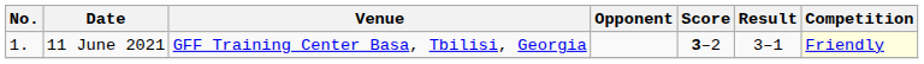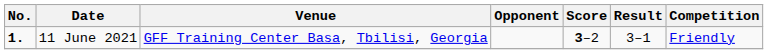 <table class="wikitable">
 <tr>
 <th>No.</th>
 <th>Date</th>
 <th>Venue</th>
 <th>Opponent</th>
 <th>Score</th>
 <th>Result</th>
 <th>Competition</th>
 </tr>
 <tr>
-<td>1.</td>
+<td><strong>1.</strong></td>
 <td>11 June 2021</td>
 <td><a href='#'>GFF Training Center Basa</a>, <a href='#'>Tbilisi</a>, <a href='#'>Georgia</a></td>
 <td></td>
 <td align=center><strong>3</strong>–2</td>
 <td align=center>3–1</td>
-<td style="background: lightyellow;"><a href='#'>Friendly</a></td>
+<td><a href='#'>Friendly</a></td>
 </tr>
 <tr>
 </tr>
 </table>
